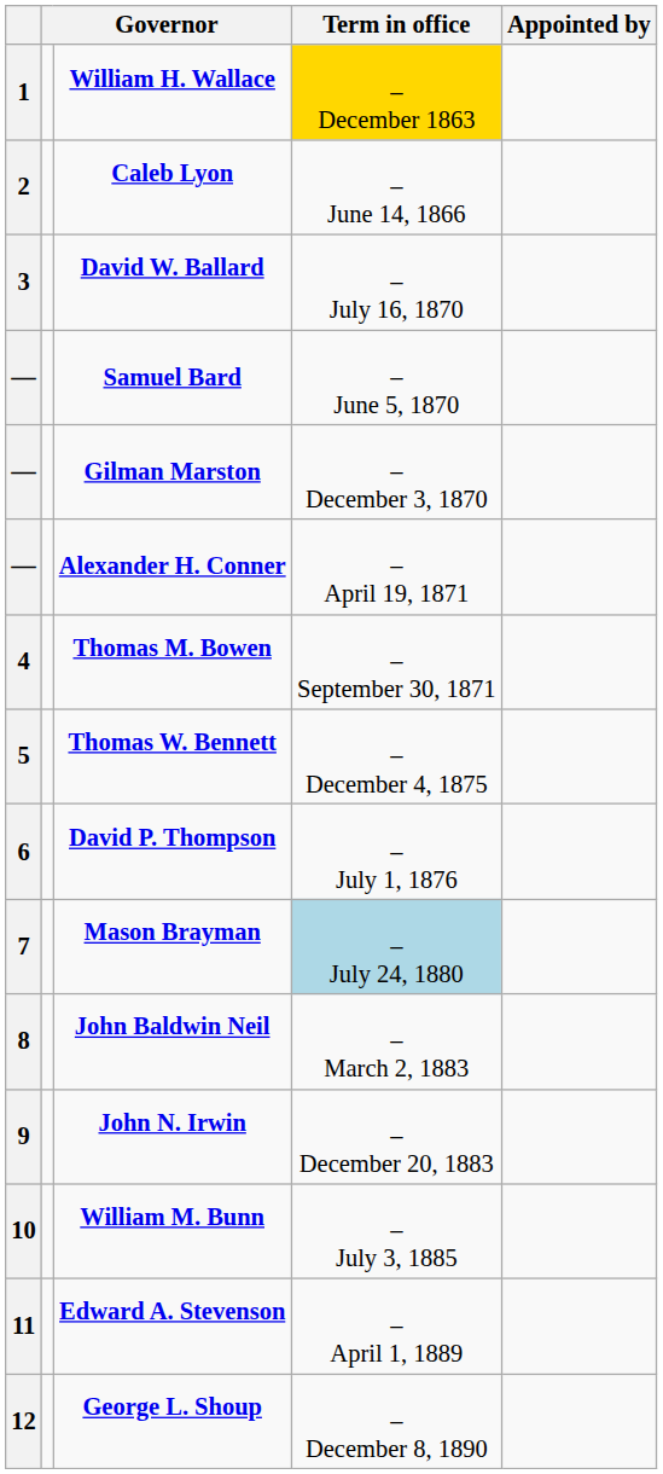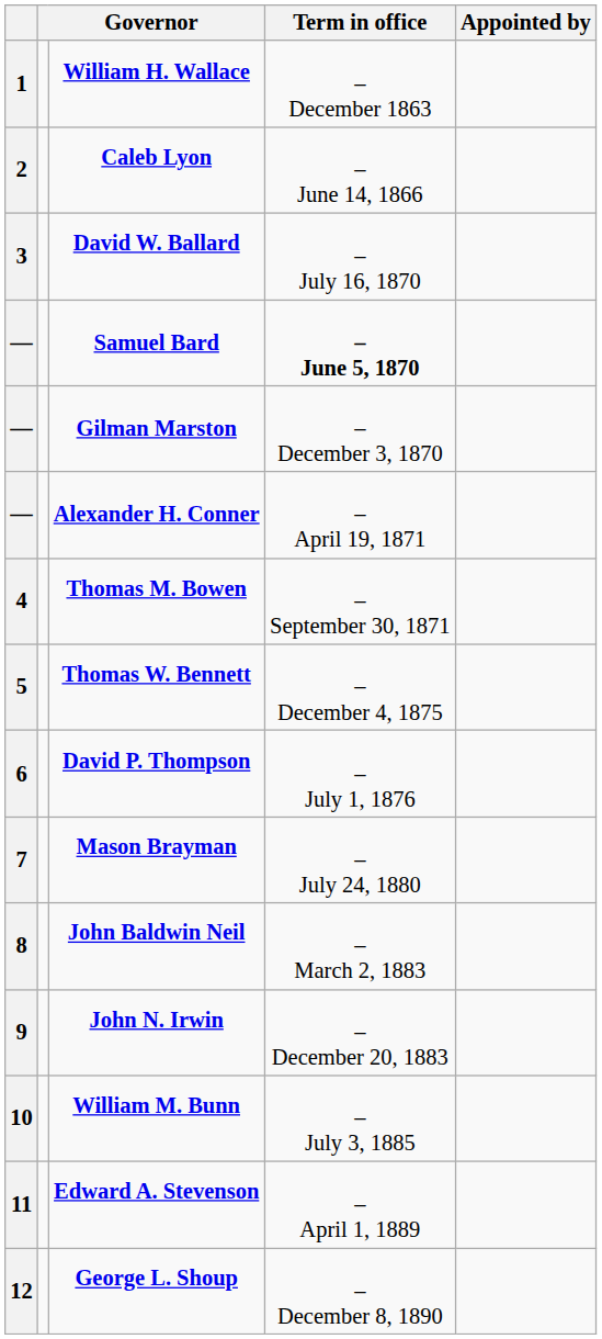 <table class="wikitable sortable" style="text-align:center;">
 <tr>
 <th scope="col" data-sort-type="number"></th>
 <th scope="colgroup" colspan="2">Governor</th>
 <th scope="col">Term in office</th>
 <th scope="col">Appointed by</th>
 </tr>
 <tr style="height:2em;">
 <th scope="row">1</th>
 <td data-sort-value="Wallace, William"></td>
 <td><strong><a href='#'>William H. Wallace</a></strong><br><br></td>
-<td style="background: gold;"><br>–<br>December 1863<br></td>
+<td><br>–<br>December 1863<br></td>
 <td></td>
 </tr>
 <tr style="height:2em;">
 <th scope="row">2</th>
 <td data-sort-value="Lyon, Caleb"></td>
 <td><strong><a href='#'>Caleb Lyon</a></strong><br><br></td>
 <td><br>–<br>June 14, 1866<br></td>
 <td></td>
 </tr>
 <tr style="height:2em;">
 <th scope="row">3</th>
 <td data-sort-value="Ballard, David"></td>
 <td><strong><a href='#'>David W. Ballard</a></strong><br><br></td>
 <td><br>–<br>July 16, 1870<br></td>
 <td></td>
 </tr>
 <tr style="height:2em;">
 <th scope="row">—</th>
 <td data-sort-value="Bard, Samuel"></td>
 <td><strong><a href='#'>Samuel Bard</a></strong><br></td>
-<td><br>–<br>June 5, 1870<br></td>
+<td><strong><br>–<br>June 5, 1870<br></strong></td>
 <td></td>
 </tr>
 <tr style="height:2em;">
 <th scope="row">—</th>
 <td data-sort-value="Marston, Gilman"></td>
 <td><strong><a href='#'>Gilman Marston</a></strong><br></td>
 <td><br>–<br>December 3, 1870<br></td>
 <td></td>
 </tr>
 <tr style="height:2em;">
 <th scope="row">—</th>
 <td data-sort-value="Conner, Alexander"></td>
 <td><strong><a href='#'>Alexander H. Conner</a></strong><br></td>
 <td><br>–<br>April 19, 1871<br></td>
 <td></td>
 </tr>
 <tr style="height:2em;">
 <th scope="row">4</th>
 <td data-sort-value="Bowen, Thomas"></td>
 <td><strong><a href='#'>Thomas M. Bowen</a></strong><br><br></td>
 <td><br>–<br>September 30, 1871<br></td>
 <td></td>
 </tr>
 <tr style="height:2em;">
 <th scope="row">5</th>
 <td data-sort-value="Bennett, Thomas"></td>
 <td><strong><a href='#'>Thomas W. Bennett</a></strong><br><br></td>
 <td><br>–<br>December 4, 1875<br></td>
 <td></td>
 </tr>
 <tr style="height:2em;">
 <th scope="row">6</th>
 <td data-sort-value="Thompson, David"></td>
 <td><strong><a href='#'>David P. Thompson</a></strong><br><br></td>
 <td><br>–<br>July 1, 1876<br></td>
 <td></td>
 </tr>
 <tr style="height:2em;">
 <th scope="row">7</th>
 <td data-sort-value="Brayman, Mason"></td>
 <td><strong><a href='#'>Mason Brayman</a></strong><br><br></td>
-<td style="background: lightblue;"><br>–<br>July 24, 1880<br></td>
+<td><br>–<br>July 24, 1880<br></td>
 <td></td>
 </tr>
 <tr style="height:2em;">
 <th scope="row">8</th>
 <td data-sort-value="Neil, John"></td>
 <td><strong><a href='#'>John Baldwin Neil</a></strong><br><br></td>
 <td><br>–<br>March 2, 1883<br></td>
 <td></td>
 </tr>
 <tr style="height:2em;">
 <th scope="row">9</th>
 <td data-sort-value="Irwin, John"></td>
 <td><strong><a href='#'>John N. Irwin</a></strong><br><br></td>
 <td><br>–<br>December 20, 1883<br></td>
 <td></td>
 </tr>
 <tr style="height:2em;">
 <th scope="row">10</th>
 <td data-sort-value="Bunn, William"></td>
 <td><strong><a href='#'>William M. Bunn</a></strong><br><br></td>
 <td><br>–<br>July 3, 1885<br></td>
 <td></td>
 </tr>
 <tr style="height:2em;">
 <th scope="row">11</th>
 <td data-sort-value="Stevenson, Edward"></td>
 <td><strong><a href='#'>Edward A. Stevenson</a></strong><br><br></td>
 <td><br>–<br>April 1, 1889<br></td>
 <td></td>
 </tr>
 <tr style="height:2em;">
 <th scope="row">12</th>
 <td data-sort-value="Shoup, George"></td>
 <td><strong><a href='#'>George L. Shoup</a></strong><br><br></td>
 <td><br>–<br>December 8, 1890<br></td>
 <td></td>
 </tr>
 </table>
